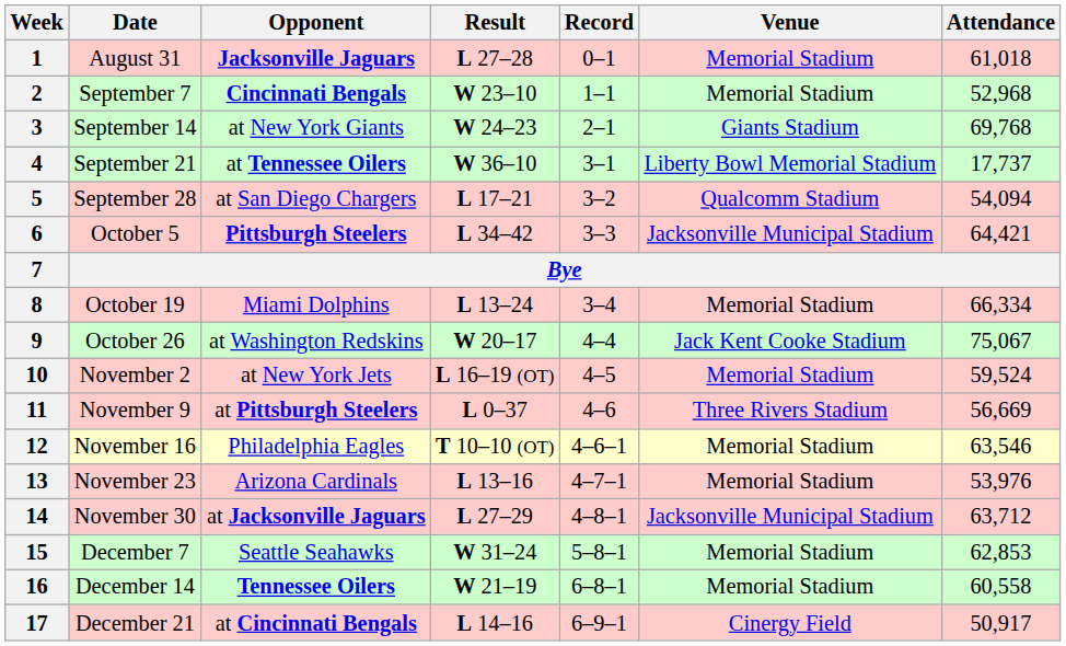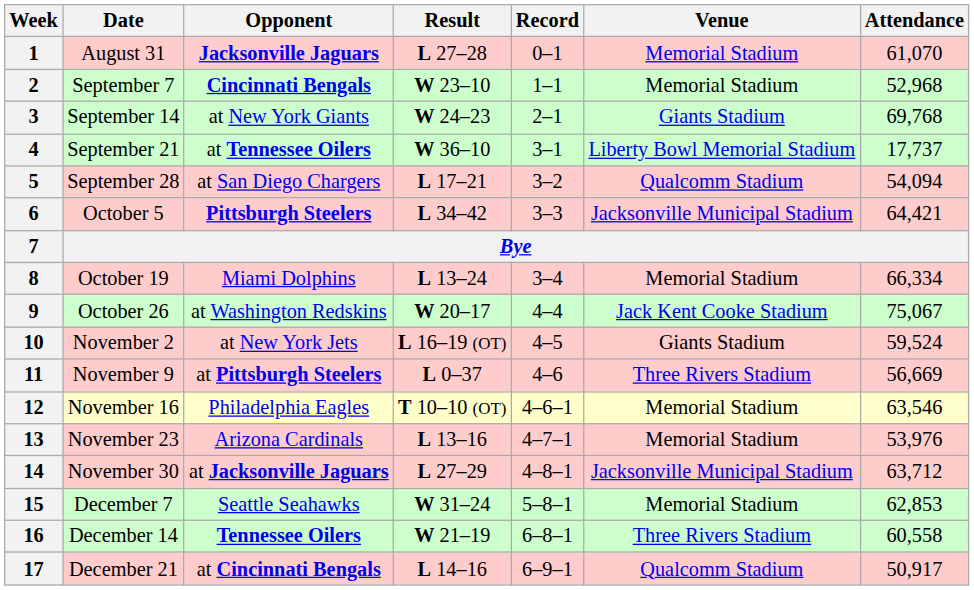 <table class="wikitable" style="text-align:center">
 <tr>
 <th>Week</th>
 <th>Date</th>
 <th>Opponent</th>
 <th>Result</th>
 <th>Record</th>
 <th>Venue</th>
 <th>Attendance</th>
 </tr>
 <tr style="background:#fcc">
 <th>1</th>
 <td>August 31</td>
 <td><strong><a href='#'>Jacksonville Jaguars</a></strong></td>
 <td><strong>L</strong> 27–28</td>
 <td>0–1</td>
 <td><a href='#'>Memorial Stadium</a></td>
-<td>61,018</td>
+<td>61,070</td>
 </tr>
 <tr style="background:#cfc">
 <th>2</th>
 <td>September 7</td>
 <td><strong><a href='#'>Cincinnati Bengals</a></strong></td>
 <td><strong>W</strong> 23–10</td>
 <td>1–1</td>
 <td>Memorial Stadium</td>
 <td>52,968</td>
 </tr>
 <tr style="background:#cfc">
 <th>3</th>
 <td>September 14</td>
 <td>at <a href='#'>New York Giants</a></td>
 <td><strong>W</strong> 24–23</td>
 <td>2–1</td>
 <td><a href='#'>Giants Stadium</a></td>
 <td>69,768</td>
 </tr>
 <tr style="background:#cfc">
 <th>4</th>
 <td>September 21</td>
 <td>at <strong><a href='#'>Tennessee Oilers</a></strong></td>
 <td><strong>W</strong> 36–10</td>
 <td>3–1</td>
 <td><a href='#'>Liberty Bowl Memorial Stadium</a></td>
 <td>17,737</td>
 </tr>
 <tr style="background:#fcc">
 <th>5</th>
 <td>September 28</td>
 <td>at <a href='#'>San Diego Chargers</a></td>
 <td><strong>L</strong> 17–21</td>
 <td>3–2</td>
 <td><a href='#'>Qualcomm Stadium</a></td>
 <td>54,094</td>
 </tr>
 <tr style="background:#fcc">
 <th>6</th>
 <td>October 5</td>
 <td><strong><a href='#'>Pittsburgh Steelers</a></strong></td>
 <td><strong>L</strong> 34–42</td>
 <td>3–3</td>
 <td><a href='#'>Jacksonville Municipal Stadium</a></td>
 <td>64,421</td>
 </tr>
 <tr>
 <th>7</th>
 <th colspan=6><em><a href='#'>Bye</a></em></th>
 </tr>
 <tr style="background:#fcc">
 <th>8</th>
 <td>October 19</td>
 <td><a href='#'>Miami Dolphins</a></td>
 <td><strong>L</strong> 13–24</td>
 <td>3–4</td>
 <td>Memorial Stadium</td>
 <td>66,334</td>
 </tr>
 <tr style="background:#cfc">
 <th>9</th>
 <td>October 26</td>
 <td>at <a href='#'>Washington Redskins</a></td>
 <td><strong>W</strong> 20–17</td>
 <td>4–4</td>
 <td><a href='#'>Jack Kent Cooke Stadium</a></td>
 <td>75,067</td>
 </tr>
 <tr style="background:#fcc">
 <th>10</th>
 <td>November 2</td>
 <td>at <a href='#'>New York Jets</a></td>
 <td><strong>L</strong> 16–19 <small>(OT)</small></td>
 <td>4–5</td>
-<td><a href='#'>Memorial Stadium</a></td>
+<td>Giants Stadium</td>
 <td>59,524</td>
 </tr>
 <tr style="background:#fcc">
 <th>11</th>
 <td>November 9</td>
 <td>at <strong><a href='#'>Pittsburgh Steelers</a></strong></td>
 <td><strong>L</strong> 0–37</td>
 <td>4–6</td>
 <td><a href='#'>Three Rivers Stadium</a></td>
 <td>56,669</td>
 </tr>
 <tr style="background:#ffc;">
 <th>12</th>
 <td>November 16</td>
 <td><a href='#'>Philadelphia Eagles</a></td>
 <td><strong>T</strong> 10–10 <small>(OT)</small></td>
 <td>4–6–1</td>
 <td>Memorial Stadium</td>
 <td>63,546</td>
 </tr>
 <tr style="background:#fcc">
 <th>13</th>
 <td>November 23</td>
 <td><a href='#'>Arizona Cardinals</a></td>
 <td><strong>L</strong> 13–16</td>
 <td>4–7–1</td>
 <td>Memorial Stadium</td>
 <td>53,976</td>
 </tr>
 <tr style="background:#fcc">
 <th>14</th>
 <td>November 30</td>
 <td>at <strong><a href='#'>Jacksonville Jaguars</a></strong></td>
 <td><strong>L</strong> 27–29</td>
 <td>4–8–1</td>
 <td><a href='#'>Jacksonville Municipal Stadium</a></td>
 <td>63,712</td>
 </tr>
 <tr style="background:#cfc">
 <th>15</th>
 <td>December 7</td>
 <td><a href='#'>Seattle Seahawks</a></td>
 <td><strong>W</strong> 31–24</td>
 <td>5–8–1</td>
 <td>Memorial Stadium</td>
 <td>62,853</td>
 </tr>
 <tr style="background:#cfc">
 <th>16</th>
 <td>December 14</td>
 <td><strong><a href='#'>Tennessee Oilers</a></strong></td>
 <td><strong>W</strong> 21–19</td>
 <td>6–8–1</td>
-<td>Memorial Stadium</td>
+<td><a href='#'>Three Rivers Stadium</a></td>
 <td>60,558</td>
 </tr>
 <tr style="background:#fcc">
 <th>17</th>
 <td>December 21</td>
 <td>at <strong><a href='#'>Cincinnati Bengals</a></strong></td>
 <td><strong>L</strong> 14–16</td>
 <td>6–9–1</td>
-<td><a href='#'>Cinergy Field</a></td>
+<td><a href='#'>Qualcomm Stadium</a></td>
 <td>50,917</td>
 </tr>
 </table>
